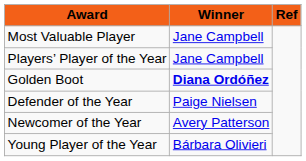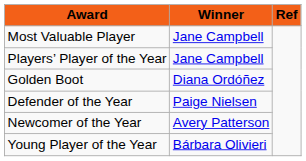 <table class="wikitable">
 <tr style="background:#cccccc;">
 <th style="background:#f36018; color:black;">Award</th>
 <th style="background:#f36018; color:black;">Winner</th>
 <th style="background:#f36018; color:black;">Ref</th>
 </tr>
 <tr>
 <td>Most Valuable Player</td>
 <td> <a href='#'>Jane Campbell</a></td>
 <td style="text-align: center;" rowspan=6></td>
 </tr>
 <tr>
 <td>Players’ Player of the Year</td>
 <td> <a href='#'>Jane Campbell</a></td>
 </tr>
 <tr>
 <td>Golden Boot</td>
-<td><strong> <a href='#'>Diana Ordóñez</a></strong></td>
+<td> <a href='#'>Diana Ordóñez</a></td>
 </tr>
 <tr>
 <td>Defender of the Year</td>
 <td> <a href='#'>Paige Nielsen</a></td>
 </tr>
 <tr>
 <td>Newcomer of the Year</td>
 <td> <a href='#'>Avery Patterson</a></td>
 </tr>
 <tr>
 <td>Young Player of the Year</td>
 <td> <a href='#'>Bárbara Olivieri</a></td>
 </tr>
 </table>
